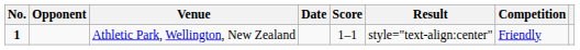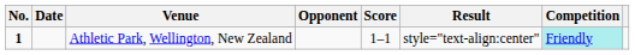 <table class="wikitable sortable">
 <tr>
 <th scope="col">No.</th>
+<th scope="col">Date</th>
+<th scope="col">Venue</th>
 <th scope="col">Opponent</th>
-<th scope="col">Venue</th>
-<th scope="col">Date</th>
 <th scope="col">Score</th>
 <th scope="col">Result</th>
 <th scope="col">Competition</th>
 <th scope="col" class="unsortable"></th>
 </tr>
 <tr>
 <td style="text-align:center"><strong>1</strong></td>
 <td></td>
 <td><a href='#'>Athletic Park</a>, <a href='#'>Wellington</a>, New Zealand</td>
 <td></td>
 <td style="text-align:center">1–1</td>
 <td>style="text-align:center" </td>
-<td><a href='#'>Friendly</a></td>
+<td style="background: paleturquoise;"><a href='#'>Friendly</a></td>
 <td></td>
 </tr>
 </table>
